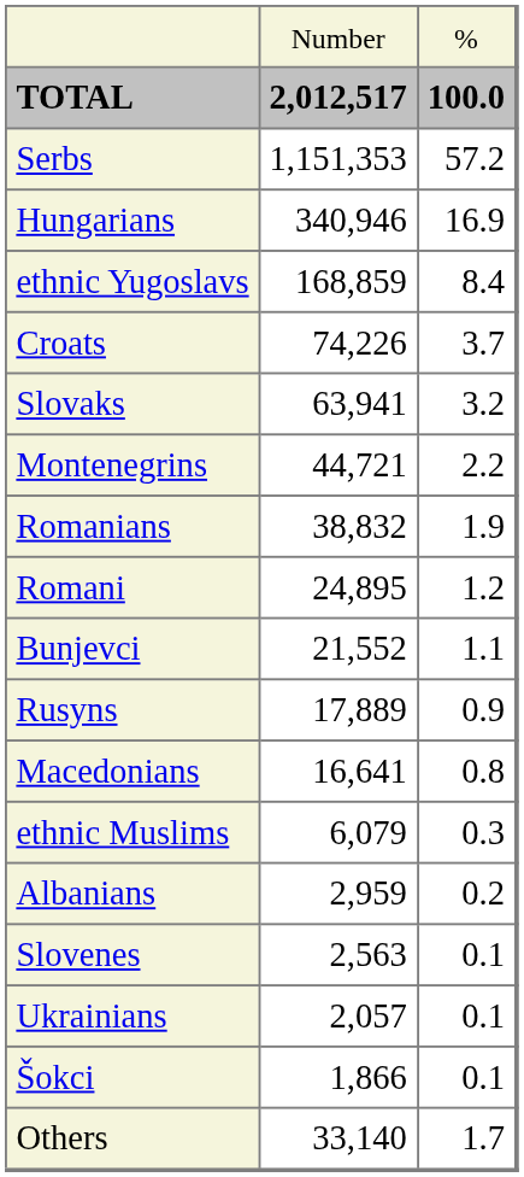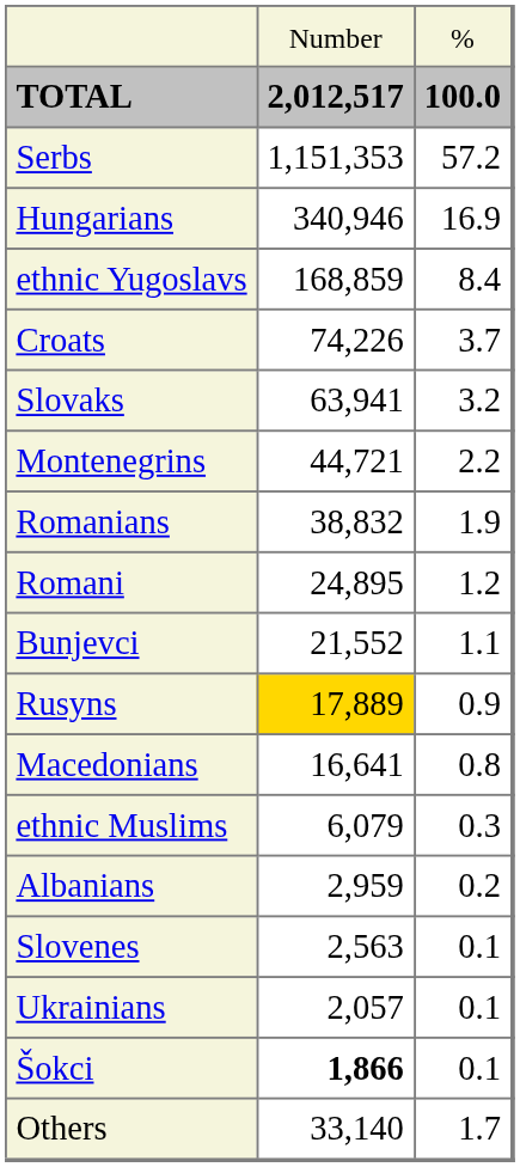 <table border=1 cellpadding=4 cellspacing=0 class="toccolours" style="align: left; margin: 0.5em 0 0 0; border-style: solid; border: 1px solid #7f7f7f; border-right-width: 2px; border-bottom-width: 2px; border-collapse: collapse; font-size: 95%;">
 <tr>
 <td style="background:#F5F5DC;"></td>
 <td style="background:#F5F5DC;" align="center"><small>Number</small></td>
 <td style="background:#F5F5DC;" align="center"><small>%</small></td>
 </tr>
 <tr>
 <td style="background:#c1c1c1;"><strong>TOTAL</strong></td>
 <td colspan=1 style="background:#c1c1c1;" align="center"><strong>2,012,517</strong></td>
 <td colspan=1 style="background:#c1c1c1;" align="center"><strong>100.0</strong></td>
 </tr>
 <tr>
 <td style="background:#F5F5DC;"><a href='#'>Serbs</a></td>
 <td align="right">1,151,353</td>
 <td align="right">57.2</td>
 </tr>
 <tr>
 <td style="background:#F5F5DC;"><a href='#'>Hungarians</a></td>
 <td align="right">340,946</td>
 <td align="right">16.9</td>
 </tr>
 <tr>
 <td style="background:#F5F5DC;"><a href='#'>ethnic Yugoslavs</a></td>
 <td align="right">168,859</td>
 <td align="right">8.4</td>
 </tr>
 <tr>
 <td style="background:#F5F5DC;"><a href='#'>Croats</a></td>
 <td align="right">74,226</td>
 <td align="right">3.7</td>
 </tr>
 <tr>
 <td style="background:#F5F5DC;"><a href='#'>Slovaks</a></td>
 <td align="right">63,941</td>
 <td align="right">3.2</td>
 </tr>
 <tr>
 <td style="background:#F5F5DC;"><a href='#'>Montenegrins</a></td>
 <td align="right">44,721</td>
 <td align="right">2.2</td>
 </tr>
 <tr>
 <td style="background:#F5F5DC;"><a href='#'>Romanians</a></td>
 <td align="right">38,832</td>
 <td align="right">1.9</td>
 </tr>
 <tr>
 <td style="background:#F5F5DC;"><a href='#'>Romani</a></td>
 <td align="right">24,895</td>
 <td align="right">1.2</td>
 </tr>
 <tr>
 <td style="background:#F5F5DC;"><a href='#'>Bunjevci</a></td>
 <td align="right">21,552</td>
 <td align="right">1.1</td>
 </tr>
 <tr>
 <td style="background:#F5F5DC;"><a href='#'>Rusyns</a></td>
-<td align="right">17,889</td>
+<td align="right" style="background: gold;">17,889</td>
 <td align="right">0.9</td>
 </tr>
 <tr>
 <td style="background:#F5F5DC;"><a href='#'>Macedonians</a></td>
 <td align="right">16,641</td>
 <td align="right">0.8</td>
 </tr>
 <tr>
 <td style="background:#F5F5DC;"><a href='#'>ethnic Muslims</a></td>
 <td align="right">6,079</td>
 <td align="right">0.3</td>
 </tr>
 <tr>
 <td style="background:#F5F5DC;"><a href='#'>Albanians</a></td>
 <td align="right">2,959</td>
 <td align="right">0.2</td>
 </tr>
 <tr>
 <td style="background:#F5F5DC;"><a href='#'>Slovenes</a></td>
 <td align="right">2,563</td>
 <td align="right">0.1</td>
 </tr>
 <tr>
 <td style="background:#F5F5DC;"><a href='#'>Ukrainians</a></td>
 <td align="right">2,057</td>
 <td align="right">0.1</td>
 </tr>
 <tr>
 <td style="background:#F5F5DC;"><a href='#'>Šokci</a></td>
-<td align="right">1,866</td>
+<td align="right"><strong>1,866</strong></td>
 <td align="right">0.1</td>
 </tr>
 <tr>
 <td style="background:#F5F5DC;">Others</td>
 <td align="right">33,140</td>
 <td align="right">1.7</td>
 </tr>
 </table>
